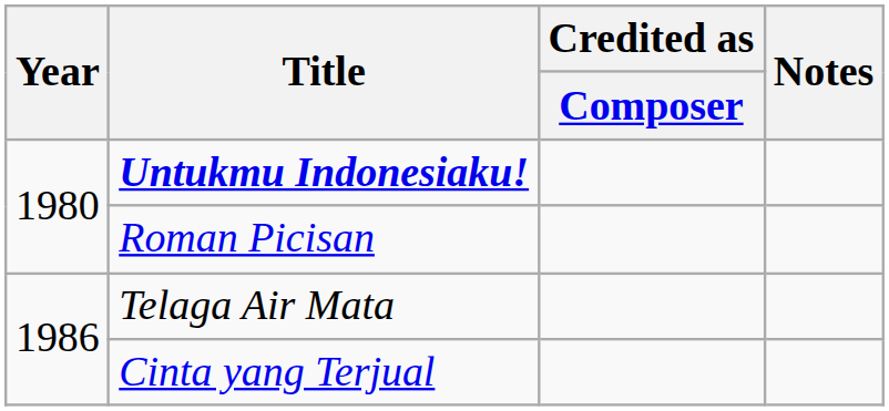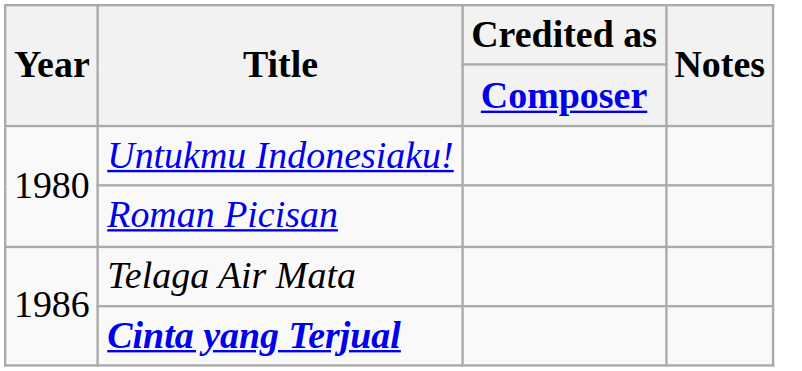 <table class="wikitable plainrowheaders sortable">
 <tr>
 <th rowspan="2" scope="col">Year</th>
 <th rowspan="2" scope="col">Title</th>
 <th scope="col">Credited as</th>
 <th rowspan="2" scope="col" class="unsortable">Notes</th>
 </tr>
 <tr>
 <th><a href='#'>Composer</a></th>
 </tr>
 <tr>
 <td rowspan="2">1980</td>
-<td><strong><em><a href='#'>Untukmu Indonesiaku!</a></em></strong></td>
+<td><em><a href='#'>Untukmu Indonesiaku!</a></em></td>
 <td></td>
 <td></td>
 </tr>
 <tr>
 <td><em><a href='#'>Roman Picisan</a></em></td>
 <td></td>
 <td></td>
 </tr>
 <tr>
 <td rowspan="2">1986</td>
 <td><em>Telaga Air Mata</em></td>
 <td></td>
 <td></td>
 </tr>
 <tr>
-<td><em><a href='#'>Cinta yang Terjual</a></em></td>
+<td><strong><em><a href='#'>Cinta yang Terjual</a></em></strong></td>
 <td></td>
 <td></td>
 </tr>
 </table>
